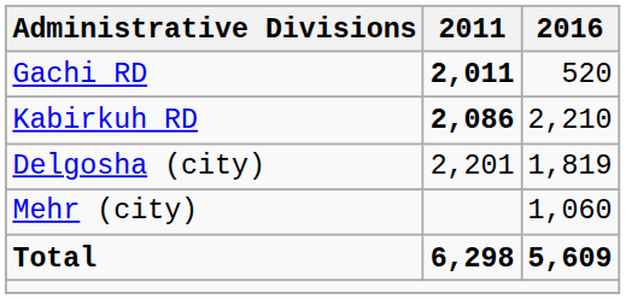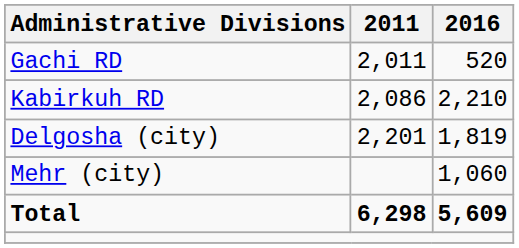 <table class="wikitable">
 <tr>
 <th>Administrative Divisions</th>
 <th>2011</th>
 <th>2016</th>
 </tr>
 <tr>
 <td><a href='#'>Gachi RD</a></td>
-<td style="text-align: right;"><strong>2,011</strong></td>
+<td style="text-align: right;">2,011</td>
 <td style="text-align: right;">520</td>
 </tr>
 <tr>
 <td><a href='#'>Kabirkuh RD</a></td>
-<td style="text-align: right;"><strong>2,086</strong></td>
+<td style="text-align: right;">2,086</td>
 <td style="text-align: right;">2,210</td>
 </tr>
 <tr>
 <td><a href='#'>Delgosha</a> (city)</td>
 <td style="text-align: right;">2,201</td>
 <td style="text-align: right;">1,819</td>
 </tr>
 <tr>
 <td><a href='#'>Mehr</a> (city)</td>
 <td style="text-align: right;"></td>
 <td style="text-align: right;">1,060</td>
 </tr>
 <tr>
 <td><strong>Total</strong></td>
 <td style="text-align: right;"><strong>6,298</strong></td>
 <td style="text-align: right;"><strong>5,609</strong></td>
 </tr>
 <tr>
 <td colspan=3></td>
 </tr>
 </table>
